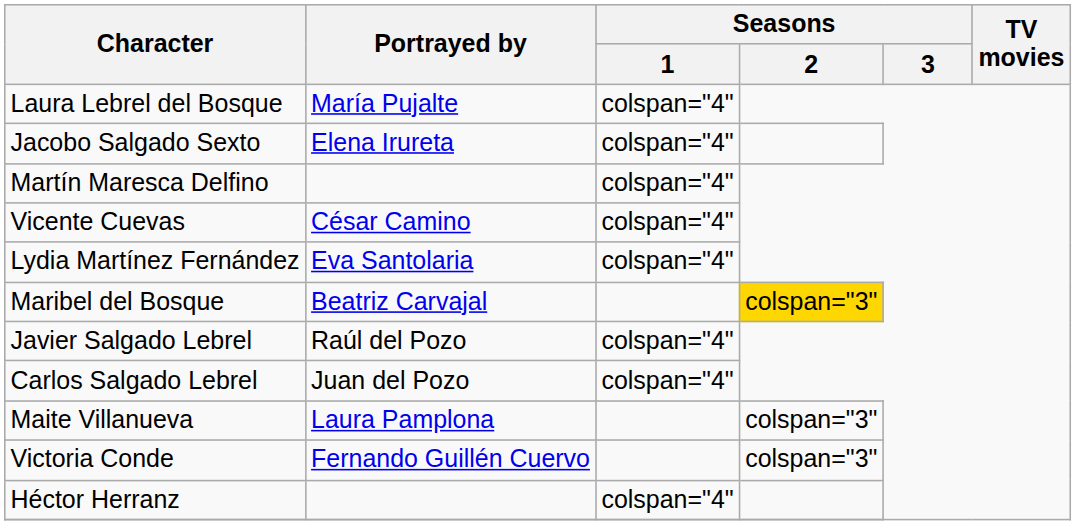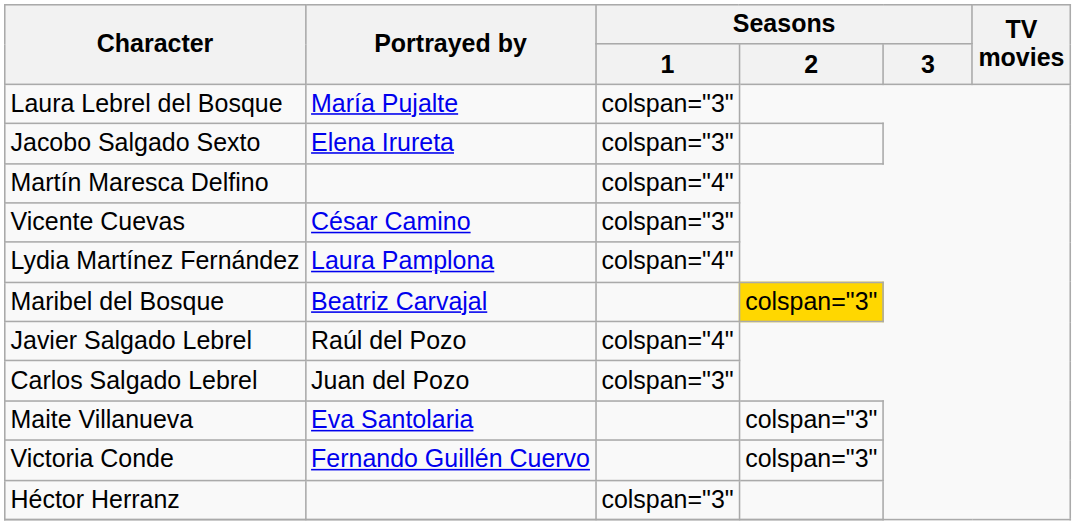 <table class="wikitable">
 <tr>
 <th rowspan="2">Character</th>
 <th rowspan="2">Portrayed by</th>
 <th colspan="3">Seasons</th>
 <th rowspan="2">TV<br>movies</th>
 </tr>
 <tr>
 <th style="width:50px;">1</th>
 <th style="width:50px;">2</th>
 <th style="width:50px;">3</th>
 </tr>
 <tr>
 <td>Laura Lebrel del Bosque</td>
 <td><a href='#'>María Pujalte</a></td>
-<td>colspan="4" </td>
+<td>colspan="3" </td>
 </tr>
 <tr>
 <td>Jacobo Salgado Sexto</td>
 <td><a href='#'>Elena Irureta</a></td>
-<td>colspan="4" </td>
+<td>colspan="3" </td>
 <td></td>
 </tr>
 <tr>
 <td>Martín Maresca Delfino</td>
 <td></td>
 <td>colspan="4" </td>
 </tr>
 <tr>
 <td>Vicente Cuevas</td>
 <td><a href='#'>César Camino</a></td>
-<td>colspan="4" </td>
+<td>colspan="3" </td>
 </tr>
 <tr>
 <td>Lydia Martínez Fernández</td>
-<td><a href='#'>Eva Santolaria</a></td>
+<td><a href='#'>Laura Pamplona</a></td>
 <td>colspan="4" </td>
 </tr>
 <tr>
 <td>Maribel del Bosque</td>
 <td><a href='#'>Beatriz Carvajal</a></td>
 <td></td>
 <td style="background: gold;">colspan="3" </td>
 </tr>
 <tr>
 <td>Javier Salgado Lebrel</td>
 <td>Raúl del Pozo</td>
 <td>colspan="4" </td>
 </tr>
 <tr>
 <td>Carlos Salgado Lebrel</td>
 <td>Juan del Pozo</td>
-<td>colspan="4" </td>
+<td>colspan="3" </td>
 </tr>
 <tr>
 <td>Maite Villanueva</td>
-<td><a href='#'>Laura Pamplona</a></td>
+<td><a href='#'>Eva Santolaria</a></td>
 <td></td>
 <td>colspan="3" </td>
 </tr>
 <tr>
 <td>Victoria Conde</td>
 <td><a href='#'>Fernando Guillén Cuervo</a></td>
 <td></td>
 <td>colspan="3" </td>
 </tr>
 <tr>
 <td>Héctor Herranz</td>
 <td></td>
-<td>colspan="4" </td>
+<td>colspan="3" </td>
 <td></td>
 </tr>
 <tr>
 </tr>
 </table>
